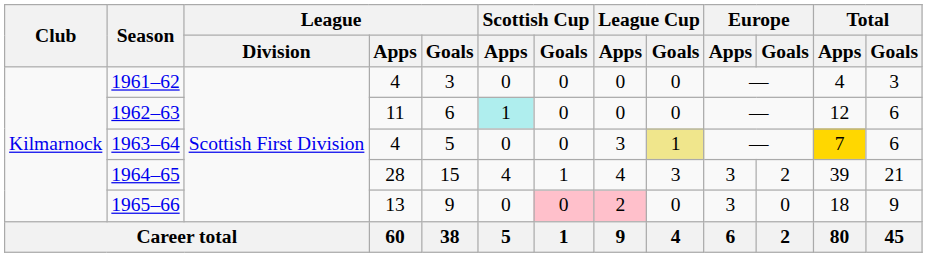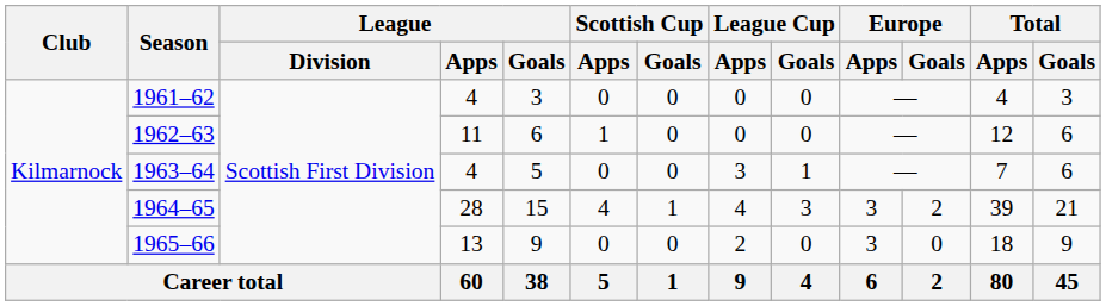 <table class="wikitable" style="text-align: center;">
 <tr>
 <th rowspan="2">Club</th>
 <th rowspan="2">Season</th>
 <th colspan="3">League</th>
 <th colspan="2">Scottish Cup</th>
 <th colspan="2">League Cup</th>
 <th colspan="2">Europe</th>
 <th colspan="2">Total</th>
 </tr>
 <tr>
 <th>Division</th>
 <th>Apps</th>
 <th>Goals</th>
 <th>Apps</th>
 <th>Goals</th>
 <th>Apps</th>
 <th>Goals</th>
 <th>Apps</th>
 <th>Goals</th>
 <th>Apps</th>
 <th>Goals</th>
 </tr>
 <tr>
 <td rowspan="5"><a href='#'>Kilmarnock</a></td>
 <td><a href='#'>1961–62</a></td>
 <td rowspan="5"><a href='#'>Scottish First Division</a></td>
 <td>4</td>
 <td>3</td>
 <td>0</td>
 <td>0</td>
 <td>0</td>
 <td>0</td>
 <td colspan="2">—</td>
 <td>4</td>
 <td>3</td>
 </tr>
 <tr>
 <td><a href='#'>1962–63</a></td>
 <td>11</td>
 <td>6</td>
-<td style="background: paleturquoise;">1</td>
+<td>1</td>
 <td>0</td>
 <td>0</td>
 <td>0</td>
 <td colspan="2">—</td>
 <td>12</td>
 <td>6</td>
 </tr>
 <tr>
 <td><a href='#'>1963–64</a></td>
 <td>4</td>
 <td>5</td>
 <td>0</td>
 <td>0</td>
 <td>3</td>
-<td style="background: khaki;">1</td>
+<td>1</td>
 <td colspan="2">—</td>
-<td style="background: gold;">7</td>
+<td>7</td>
 <td>6</td>
 </tr>
 <tr>
 <td><a href='#'>1964–65</a></td>
 <td>28</td>
 <td>15</td>
 <td>4</td>
 <td>1</td>
 <td>4</td>
 <td>3</td>
 <td>3</td>
 <td>2</td>
 <td>39</td>
 <td>21</td>
 </tr>
 <tr>
 <td><a href='#'>1965–66</a></td>
 <td>13</td>
 <td>9</td>
 <td>0</td>
-<td style="background: pink;">0</td>
-<td style="background: pink;">2</td>
+<td>0</td>
+<td>2</td>
 <td>0</td>
 <td>3</td>
 <td>0</td>
 <td>18</td>
 <td>9</td>
 </tr>
 <tr>
 <th colspan="3">Career total</th>
 <th>60</th>
 <th>38</th>
 <th>5</th>
 <th>1</th>
 <th>9</th>
 <th>4</th>
 <th>6</th>
 <th>2</th>
 <th>80</th>
 <th>45</th>
 </tr>
 </table>
